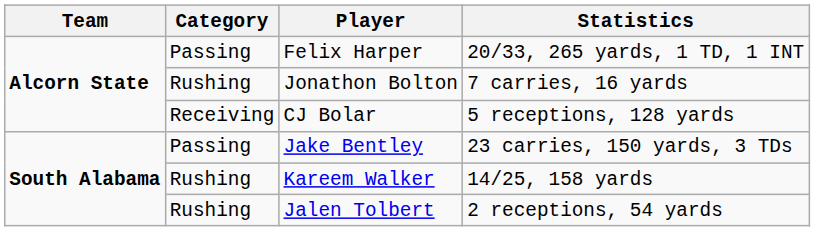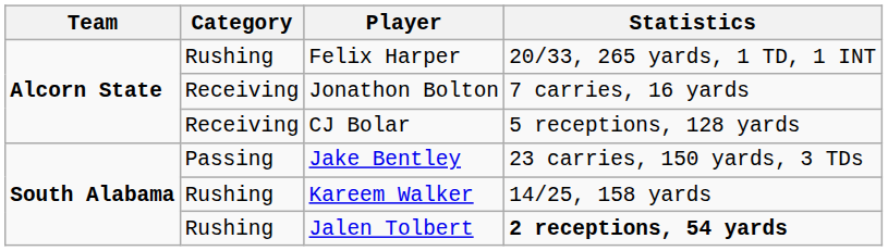 <table class="wikitable" style="float: left;">
 <tr>
 <th>Team</th>
 <th>Category</th>
 <th>Player</th>
 <th>Statistics</th>
 </tr>
 <tr>
 <td rowspan=3><strong>Alcorn State</strong></td>
-<td>Passing</td>
+<td>Rushing</td>
 <td>Felix Harper</td>
 <td>20/33, 265 yards, 1 TD, 1 INT</td>
 </tr>
 <tr>
-<td>Rushing</td>
+<td>Receiving</td>
 <td>Jonathon Bolton</td>
 <td>7 carries, 16 yards</td>
 </tr>
 <tr>
 <td>Receiving</td>
 <td>CJ Bolar</td>
 <td>5 receptions, 128 yards</td>
 </tr>
 <tr>
 <td rowspan=3><strong>South Alabama</strong></td>
 <td>Passing</td>
 <td><a href='#'>Jake Bentley</a></td>
 <td>23 carries, 150 yards, 3 TDs</td>
 </tr>
 <tr>
 <td>Rushing</td>
 <td><a href='#'>Kareem Walker</a></td>
 <td>14/25, 158 yards</td>
 </tr>
 <tr>
 <td>Rushing</td>
 <td><a href='#'>Jalen Tolbert</a></td>
-<td>2 receptions, 54 yards</td>
+<td><strong>2 receptions, 54 yards</strong></td>
 </tr>
 </table>
